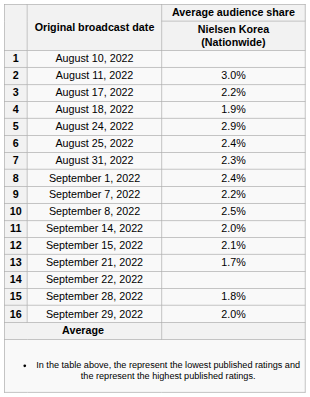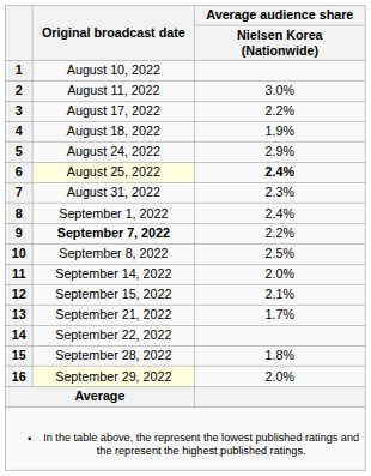 <table class="wikitable" style="width:450px; text-align:center;">
 <tr>
 <th scope="col" rowspan="2"></th>
 <th scope="col" rowspan="2">Original broadcast date</th>
 <th scope="col">Average audience share</th>
 </tr>
 <tr>
 <th scope="col">Nielsen Korea<br>(Nationwide)</th>
 </tr>
 <tr>
 <th scope="col">1</th>
 <td>August 10, 2022</td>
 <td><strong></strong> </td>
 </tr>
 <tr>
 <th scope="col">2</th>
 <td>August 11, 2022</td>
 <td>3.0% </td>
 </tr>
 <tr>
 <th scope="col">3</th>
 <td>August 17, 2022</td>
 <td>2.2% </td>
 </tr>
 <tr>
 <th scope="col">4</th>
 <td>August 18, 2022</td>
 <td>1.9% </td>
 </tr>
 <tr>
 <th scope="col">5</th>
 <td>August 24, 2022</td>
 <td>2.9% </td>
 </tr>
 <tr>
 <th scope="col">6</th>
-<td>August 25, 2022</td>
-<td>2.4% </td>
+<td style="background: lightyellow;">August 25, 2022</td>
+<td><strong>2.4% </strong></td>
 </tr>
 <tr>
 <th scope="col">7</th>
 <td>August 31, 2022</td>
 <td>2.3% </td>
 </tr>
 <tr>
 <th scope="col">8</th>
 <td>September 1, 2022</td>
 <td>2.4% </td>
 </tr>
 <tr>
 <th scope="col">9</th>
-<td>September 7, 2022</td>
+<td><strong>September 7, 2022</strong></td>
 <td>2.2% </td>
 </tr>
 <tr>
 <th scope="col">10</th>
 <td>September 8, 2022</td>
 <td>2.5% </td>
 </tr>
 <tr>
 <th scope="col">11</th>
 <td>September 14, 2022</td>
 <td>2.0% </td>
 </tr>
 <tr>
 <th scope="col">12</th>
 <td>September 15, 2022</td>
 <td>2.1% </td>
 </tr>
 <tr>
 <th scope="col">13</th>
 <td>September 21, 2022</td>
 <td>1.7% </td>
 </tr>
 <tr>
 <th scope="col">14</th>
 <td>September 22, 2022</td>
 <td><strong></strong> </td>
 </tr>
 <tr>
 <th scope="col">15</th>
 <td>September 28, 2022</td>
 <td>1.8% </td>
 </tr>
 <tr>
 <th scope="col">16</th>
-<td>September 29, 2022</td>
+<td style="background: lightyellow;">September 29, 2022</td>
 <td>2.0% </td>
 </tr>
 <tr>
 <th scope="col" colspan="2">Average</th>
 <th scope="col"></th>
 </tr>
 <tr>
 <td colspan="3" style="font-size:85%"><br><ul><li>In the table above, the <strong></strong> represent the lowest published ratings and the <strong></strong> represent the highest published ratings.</li></ul></td>
 </tr>
 </table>
